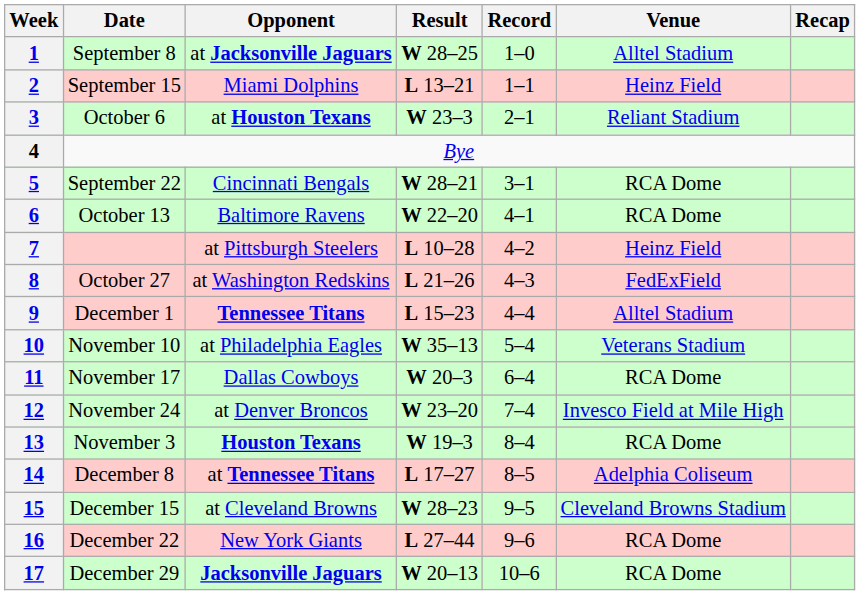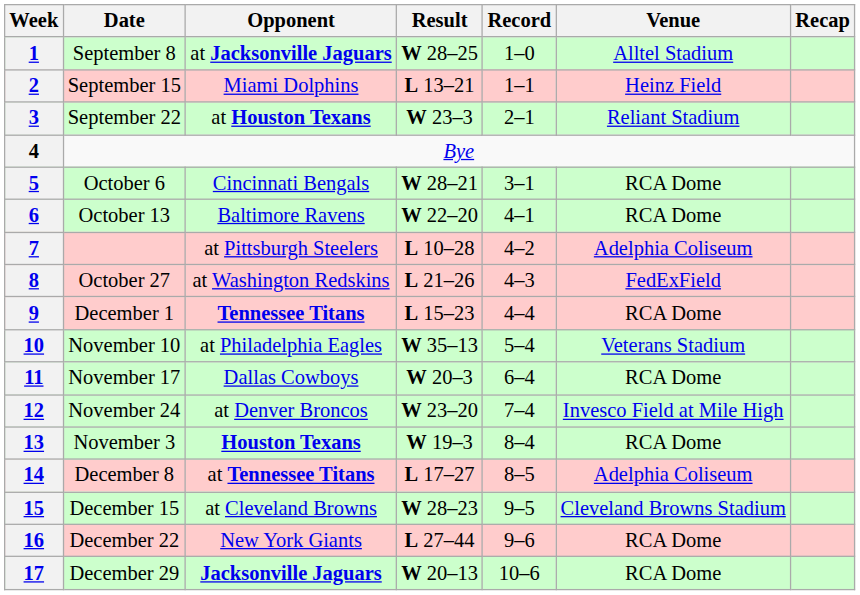 <table class="wikitable" style="text-align:center">
 <tr>
 <th>Week</th>
 <th>Date</th>
 <th>Opponent</th>
 <th>Result</th>
 <th>Record</th>
 <th>Venue</th>
 <th>Recap</th>
 </tr>
 <tr style="background:#cfc">
 <th><a href='#'>1</a></th>
 <td>September 8</td>
 <td>at <strong><a href='#'>Jacksonville Jaguars</a></strong></td>
 <td><strong>W</strong> 28–25</td>
 <td>1–0</td>
 <td><a href='#'>Alltel Stadium</a></td>
 <td></td>
 </tr>
 <tr style="background:#fcc">
 <th><a href='#'>2</a></th>
 <td>September 15</td>
 <td><a href='#'>Miami Dolphins</a></td>
 <td><strong>L</strong> 13–21</td>
 <td>1–1</td>
 <td><a href='#'>Heinz Field</a></td>
 <td></td>
 </tr>
 <tr style="background:#cfc">
 <th><a href='#'>3</a></th>
-<td>October 6</td>
+<td>September 22</td>
 <td>at <strong><a href='#'>Houston Texans</a></strong></td>
 <td><strong>W</strong> 23–3</td>
 <td>2–1</td>
 <td><a href='#'>Reliant Stadium</a></td>
 <td></td>
 </tr>
 <tr>
 <th>4</th>
 <td colspan="7"><em><a href='#'>Bye</a></em></td>
 </tr>
 <tr style="background:#cfc">
 <th><a href='#'>5</a></th>
-<td>September 22</td>
+<td>October 6</td>
 <td><a href='#'>Cincinnati Bengals</a></td>
 <td><strong>W</strong> 28–21</td>
 <td>3–1</td>
 <td>RCA Dome</td>
 <td></td>
 </tr>
 <tr style="background:#cfc">
 <th><a href='#'>6</a></th>
 <td>October 13</td>
 <td><a href='#'>Baltimore Ravens</a></td>
 <td><strong>W</strong> 22–20</td>
 <td>4–1</td>
 <td>RCA Dome</td>
 <td></td>
 </tr>
 <tr style="background:#fcc">
 <th><a href='#'>7</a></th>
 <td></td>
 <td>at <a href='#'>Pittsburgh Steelers</a></td>
 <td><strong>L</strong> 10–28</td>
 <td>4–2</td>
-<td><a href='#'>Heinz Field</a></td>
+<td><a href='#'>Adelphia Coliseum</a></td>
 <td></td>
 </tr>
 <tr style="background:#fcc">
 <th><a href='#'>8</a></th>
 <td>October 27</td>
 <td>at <a href='#'>Washington Redskins</a></td>
 <td><strong>L</strong> 21–26</td>
 <td>4–3</td>
 <td><a href='#'>FedExField</a></td>
 <td></td>
 </tr>
 <tr style="background:#fcc">
 <th><a href='#'>9</a></th>
 <td>December 1</td>
 <td><strong><a href='#'>Tennessee Titans</a></strong></td>
 <td><strong>L</strong> 15–23</td>
 <td>4–4</td>
-<td><a href='#'>Alltel Stadium</a></td>
+<td>RCA Dome</td>
 <td></td>
 </tr>
 <tr style="background:#cfc">
 <th><a href='#'>10</a></th>
 <td>November 10</td>
 <td>at <a href='#'>Philadelphia Eagles</a></td>
 <td><strong>W</strong> 35–13</td>
 <td>5–4</td>
 <td><a href='#'>Veterans Stadium</a></td>
 <td></td>
 </tr>
 <tr style="background:#cfc">
 <th><a href='#'>11</a></th>
 <td>November 17</td>
 <td><a href='#'>Dallas Cowboys</a></td>
 <td><strong>W</strong> 20–3</td>
 <td>6–4</td>
 <td>RCA Dome</td>
 <td></td>
 </tr>
 <tr style="background:#cfc">
 <th><a href='#'>12</a></th>
 <td>November 24</td>
 <td>at <a href='#'>Denver Broncos</a></td>
 <td><strong>W</strong> 23–20</td>
 <td>7–4</td>
 <td><a href='#'>Invesco Field at Mile High</a></td>
 <td></td>
 </tr>
 <tr style="background:#cfc">
 <th><a href='#'>13</a></th>
 <td>November 3</td>
 <td><strong><a href='#'>Houston Texans</a></strong></td>
 <td><strong>W</strong> 19–3</td>
 <td>8–4</td>
 <td>RCA Dome</td>
 <td></td>
 </tr>
 <tr style="background:#fcc">
 <th><a href='#'>14</a></th>
 <td>December 8</td>
 <td>at <strong><a href='#'>Tennessee Titans</a></strong></td>
 <td><strong>L</strong> 17–27</td>
 <td>8–5</td>
 <td><a href='#'>Adelphia Coliseum</a></td>
 <td></td>
 </tr>
 <tr style="background:#cfc">
 <th><a href='#'>15</a></th>
 <td>December 15</td>
 <td>at <a href='#'>Cleveland Browns</a></td>
 <td><strong>W</strong> 28–23</td>
 <td>9–5</td>
 <td><a href='#'>Cleveland Browns Stadium</a></td>
 <td></td>
 </tr>
 <tr style="background:#fcc">
 <th><a href='#'>16</a></th>
 <td>December 22</td>
 <td><a href='#'>New York Giants</a></td>
 <td><strong>L</strong> 27–44</td>
 <td>9–6</td>
 <td>RCA Dome</td>
 <td></td>
 </tr>
 <tr style="background:#cfc">
 <th><a href='#'>17</a></th>
 <td>December 29</td>
 <td><strong><a href='#'>Jacksonville Jaguars</a></strong></td>
 <td><strong>W</strong> 20–13</td>
 <td>10–6</td>
 <td>RCA Dome</td>
 <td></td>
 </tr>
 </table>
